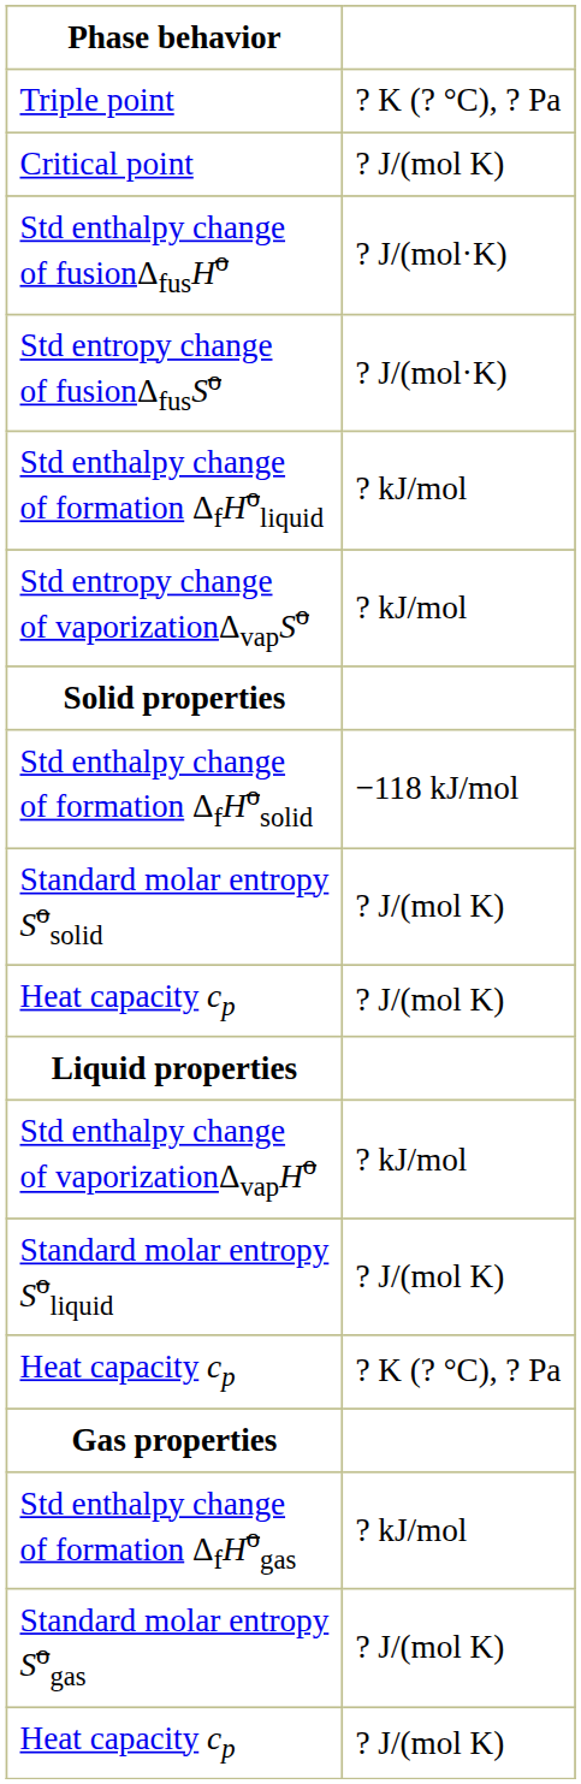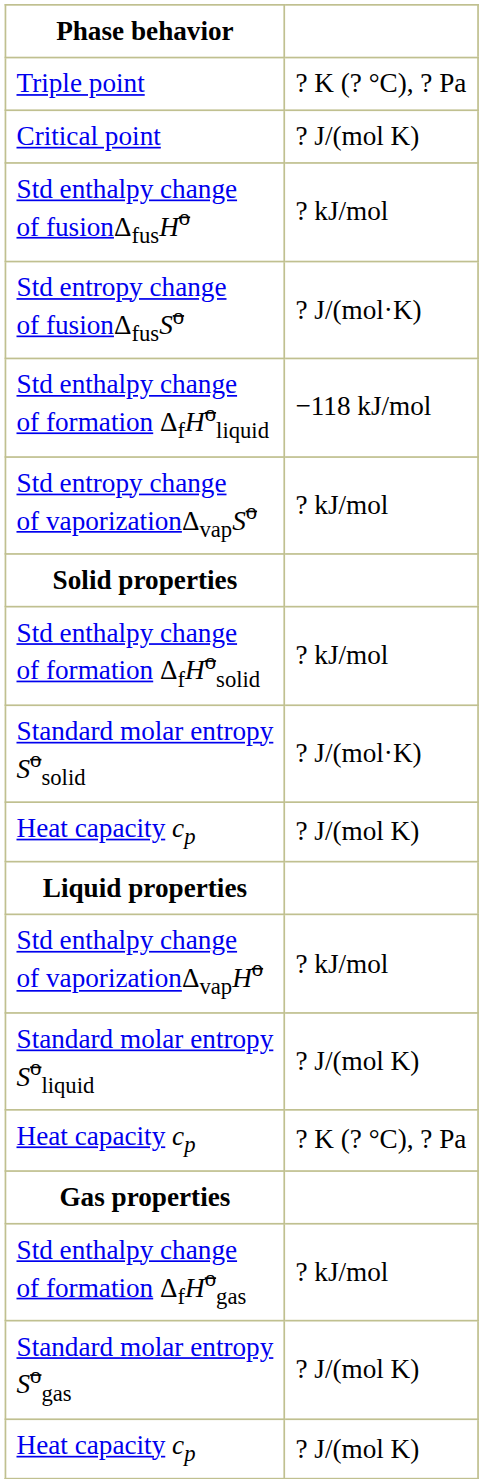 <table border="1" cellspacing="0" cellpadding="6" style="margin: 0 0 0 0.5em; background: #FFFFFF; border-collapse: collapse; border-color: #C0C090;">
 <tr>
 <th>Phase behavior</th>
 </tr>
 <tr>
 <td><a href='#'>Triple point</a></td>
 <td>? K (? °C), ? Pa</td>
 </tr>
 <tr>
 <td><a href='#'>Critical point</a></td>
 <td>? J/(mol K)</td>
 </tr>
 <tr>
 <td><a href='#'>Std enthalpy change<br>of fusion</a>Δ<sub>fus</sub><em>H</em><sup><s>o</s></sup></td>
-<td>? J/(mol·K)</td>
+<td>? kJ/mol</td>
 </tr>
 <tr>
 <td><a href='#'>Std entropy change<br>of fusion</a>Δ<sub>fus</sub><em>S</em><sup><s>o</s></sup></td>
 <td>? J/(mol·K)</td>
 </tr>
 <tr>
 <td><a href='#'>Std enthalpy change<br>of formation</a> Δ<sub>f</sub><em>H</em><sup><s>o</s></sup><sub>liquid</sub></td>
-<td>? kJ/mol</td>
+<td>−118 kJ/mol</td>
 </tr>
 <tr>
 <td><a href='#'>Std entropy change<br>of vaporization</a>Δ<sub>vap</sub><em>S</em><sup><s>o</s></sup></td>
 <td>? kJ/mol</td>
 </tr>
 <tr>
 <th>Solid properties</th>
 </tr>
 <tr>
 <td><a href='#'>Std enthalpy change<br>of formation</a> Δ<sub>f</sub><em>H</em><sup><s>o</s></sup><sub>solid</sub></td>
-<td>−118 kJ/mol</td>
+<td>? kJ/mol</td>
 </tr>
 <tr>
 <td><a href='#'>Standard molar entropy</a><br><em>S</em><sup><s>o</s></sup><sub>solid</sub></td>
-<td>? J/(mol K)</td>
+<td>? J/(mol·K)</td>
 </tr>
 <tr>
 <td><a href='#'>Heat capacity</a> <em>c<sub>p</sub></em></td>
 <td>? J/(mol K)</td>
 </tr>
 <tr>
 <th>Liquid properties</th>
 </tr>
 <tr>
 <td><a href='#'>Std enthalpy change<br>of vaporization</a>Δ<sub>vap</sub><em>H</em><sup><s>o</s></sup></td>
 <td>? kJ/mol</td>
 </tr>
 <tr>
 <td><a href='#'>Standard molar entropy</a><br><em>S</em><sup><s>o</s></sup><sub>liquid</sub></td>
 <td>? J/(mol K)</td>
 </tr>
 <tr>
 <td><a href='#'>Heat capacity</a> <em>c<sub>p</sub></em></td>
 <td>? K (? °C), ? Pa</td>
 </tr>
 <tr>
 <th>Gas properties</th>
 </tr>
 <tr>
 <td><a href='#'>Std enthalpy change<br>of formation</a> Δ<sub>f</sub><em>H</em><sup><s>o</s></sup><sub>gas</sub></td>
 <td>? kJ/mol</td>
 </tr>
 <tr>
 <td><a href='#'>Standard molar entropy</a><br><em>S</em><sup><s>o</s></sup><sub>gas</sub></td>
 <td>? J/(mol K)</td>
 </tr>
 <tr>
 <td><a href='#'>Heat capacity</a> <em>c<sub>p</sub></em></td>
 <td>? J/(mol K)</td>
 </tr>
 <tr>
 </tr>
 </table>
